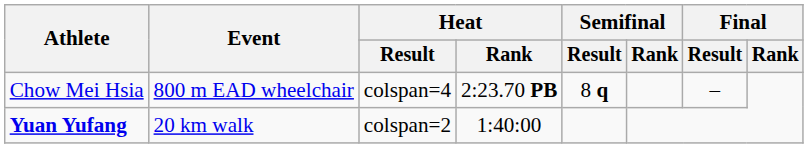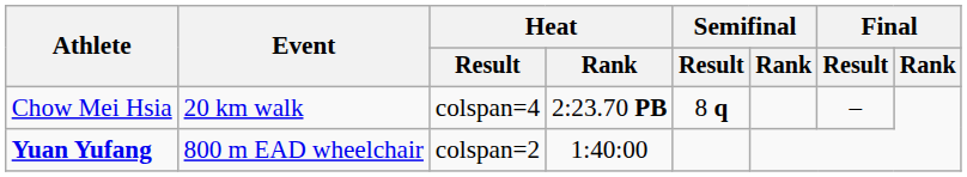 <table class="wikitable" style="font-size:90%">
 <tr>
 <th rowspan="2">Athlete</th>
 <th rowspan="2">Event</th>
 <th colspan="2">Heat</th>
 <th colspan="2">Semifinal</th>
 <th colspan="2">Final</th>
 </tr>
 <tr style="font-size:95%">
 <th>Result</th>
 <th>Rank</th>
 <th>Result</th>
 <th>Rank</th>
 <th>Result</th>
 <th>Rank</th>
 </tr>
 <tr align=center>
 <td align=left><a href='#'>Chow Mei Hsia</a></td>
-<td align=left><a href='#'>800 m EAD wheelchair</a></td>
+<td align=left><a href='#'>20 km walk</a></td>
 <td>colspan=4 </td>
 <td>2:23.70 <strong>PB</strong></td>
 <td>8 <strong>q</strong></td>
 <td></td>
 <td>–</td>
 </tr>
 <tr align=center>
 <td align=left><strong><a href='#'>Yuan Yufang</a></strong></td>
-<td align=left><a href='#'>20 km walk</a></td>
+<td align=left><a href='#'>800 m EAD wheelchair</a></td>
 <td>colspan=2 </td>
 <td>1:40:00</td>
 <td></td>
 </tr>
 </table>
